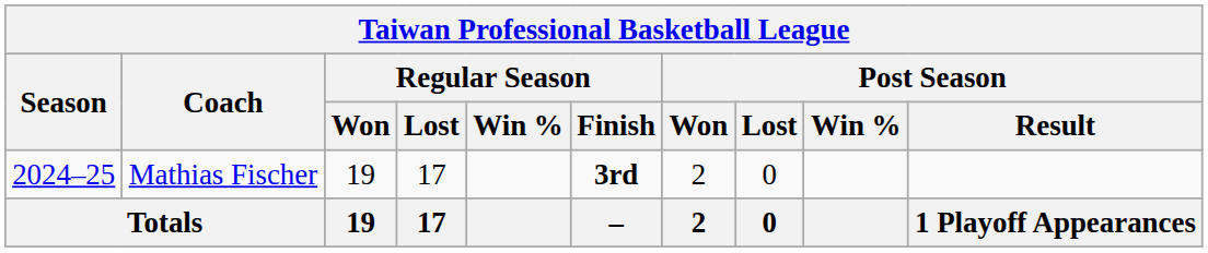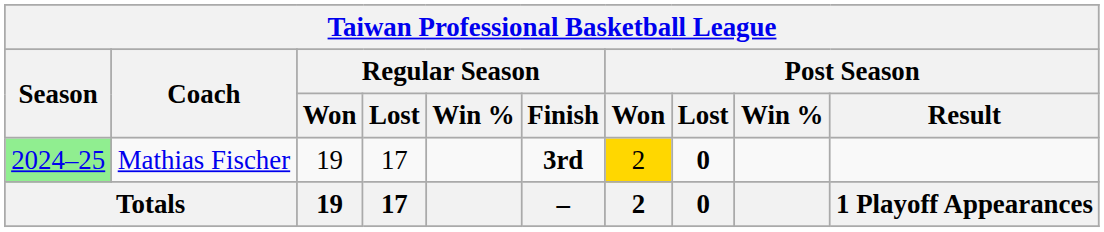 <table class="wikitable" style="font-size: 95%; text-align:center;">
 <tr>
 <th colspan="10"><a href='#'>Taiwan Professional Basketball League</a></th>
 </tr>
 <tr>
 <th rowspan="2">Season</th>
 <th rowspan="2">Coach</th>
 <th colspan="4">Regular Season</th>
 <th colspan="4">Post Season</th>
 </tr>
 <tr>
 <th>Won</th>
 <th>Lost</th>
 <th>Win %</th>
 <th>Finish</th>
 <th>Won</th>
 <th>Lost</th>
 <th>Win %</th>
 <th>Result</th>
 </tr>
 <tr>
-<td><a href='#'>2024–25</a></td>
+<td style="background: lightgreen;"><a href='#'>2024–25</a></td>
 <td><a href='#'>Mathias Fischer</a></td>
 <td>19</td>
 <td>17</td>
 <td></td>
 <td><strong>3rd</strong></td>
-<td>2</td>
-<td>0</td>
+<td style="background: gold;">2</td>
+<td><strong>0</strong></td>
 <td></td>
 <td></td>
 </tr>
 <tr>
 <th colspan="2">Totals</th>
 <th>19</th>
 <th>17</th>
 <th></th>
 <th>–</th>
 <th>2</th>
 <th>0</th>
 <th></th>
 <th>1 Playoff Appearances</th>
 </tr>
 </table>
